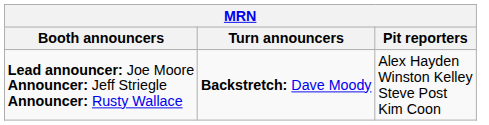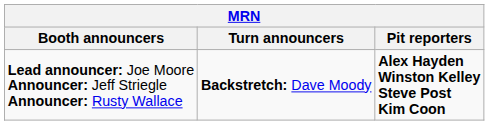 <table class="wikitable" style="font-size: 95%">
 <tr>
 <th colspan="3"><a href='#'>MRN</a></th>
 </tr>
 <tr>
 <th>Booth announcers</th>
 <th>Turn announcers</th>
 <th>Pit reporters</th>
 </tr>
 <tr>
 <td><strong>Lead announcer:</strong> Joe Moore<br><strong>Announcer:</strong> Jeff Striegle<br><strong>Announcer:</strong> <a href='#'>Rusty Wallace</a></td>
 <td><strong>Backstretch:</strong> <a href='#'>Dave Moody</a></td>
-<td>Alex Hayden<br>Winston Kelley<br>Steve Post<br>Kim Coon</td>
+<td><strong>Alex Hayden<br>Winston Kelley<br>Steve Post<br>Kim Coon</strong></td>
 </tr>
 </table>
